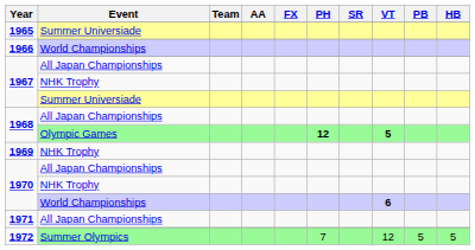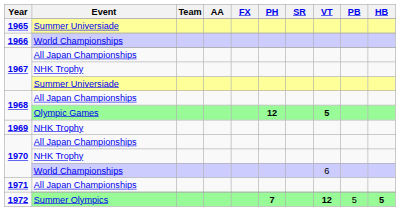 <table class="wikitable sortable" style="text-align:center; font-size:95%;">
 <tr>
 <th width=7% class=unsortable>Year</th>
 <th width=37% class=unsortable>Event</th>
 <th width=7% class=unsortable>Team</th>
 <th width=7% class=unsortable>AA</th>
 <th width=7% class=unsortable><a href='#'>FX</a></th>
 <th width=7% class=unsortable><a href='#'>PH</a></th>
 <th width=7% class=unsortable><a href='#'>SR</a></th>
 <th width=7% class=unsortable><a href='#'>VT</a></th>
 <th width=7% class=unsortable><a href='#'>PB</a></th>
 <th width=7% class=unsortable><a href='#'>HB</a></th>
 </tr>
 <tr>
 <td rowspan="2"><strong><a href='#'>1965</a></strong></td>
 </tr>
 <tr bgcolor="FFFF99">
 <td align=left><a href='#'>Summer Universiade</a></td>
 <td></td>
 <td></td>
 <td></td>
 <td></td>
 <td></td>
 <td></td>
 <td></td>
 <td></td>
 </tr>
 <tr>
 <td rowspan="2"><strong><a href='#'>1966</a></strong></td>
 </tr>
 <tr bgcolor=#CCCCFF>
 <td align=left><a href='#'>World Championships</a></td>
 <td></td>
 <td></td>
 <td></td>
 <td></td>
 <td></td>
 <td></td>
 <td></td>
 <td></td>
 </tr>
 <tr>
 <td rowspan="4"><strong><a href='#'>1967</a></strong></td>
 </tr>
 <tr>
 <td align=left><a href='#'>All Japan Championships</a></td>
 <td></td>
 <td></td>
 <td></td>
 <td></td>
 <td></td>
 <td></td>
 <td></td>
 <td></td>
 </tr>
 <tr>
 <td align=left><a href='#'>NHK Trophy</a></td>
 <td></td>
 <td></td>
 <td></td>
 <td></td>
 <td></td>
 <td></td>
 <td></td>
 <td></td>
 </tr>
 <tr bgcolor="FFFF99">
 <td align=left><a href='#'>Summer Universiade</a></td>
 <td></td>
 <td></td>
 <td></td>
 <td></td>
 <td></td>
 <td></td>
 <td></td>
 <td></td>
 </tr>
 <tr>
 <td rowspan="2"><strong><a href='#'>1968</a></strong></td>
 <td align=left><a href='#'>All Japan Championships</a></td>
 <td></td>
 <td></td>
 <td></td>
 <td></td>
 <td></td>
 <td></td>
 <td></td>
 <td></td>
 </tr>
 <tr bgcolor=98FB98>
 <td align=left><a href='#'>Olympic Games</a></td>
 <td></td>
 <td></td>
 <td></td>
 <td><strong>12</strong></td>
 <td></td>
 <td><strong>5</strong></td>
 <td></td>
 <td></td>
 </tr>
 <tr>
 <td><strong><a href='#'>1969</a></strong></td>
 <td align=left><a href='#'>NHK Trophy</a></td>
 <td></td>
 <td></td>
 <td></td>
 <td></td>
 <td></td>
 <td></td>
 <td></td>
 <td></td>
 </tr>
 <tr>
 <td rowspan="3"><strong><a href='#'>1970</a></strong></td>
 <td align=left><a href='#'>All Japan Championships</a></td>
 <td></td>
 <td></td>
 <td></td>
 <td></td>
 <td></td>
 <td></td>
 <td></td>
 <td></td>
 </tr>
 <tr>
 <td align=left><a href='#'>NHK Trophy</a></td>
 <td></td>
 <td></td>
 <td></td>
 <td></td>
 <td></td>
 <td></td>
 <td></td>
 <td></td>
 </tr>
 <tr bgcolor=#CCCCFF>
 <td align=left><a href='#'>World Championships</a></td>
 <td></td>
 <td></td>
 <td></td>
 <td></td>
 <td></td>
-<td><strong>6</strong></td>
+<td>6</td>
 <td></td>
 <td></td>
 </tr>
 <tr>
 <td><strong><a href='#'>1971</a></strong></td>
 <td align=left><a href='#'>All Japan Championships</a></td>
 <td></td>
 <td></td>
 <td></td>
 <td></td>
 <td></td>
 <td></td>
 <td></td>
 <td></td>
 </tr>
 <tr>
 <td rowspan="2"><strong><a href='#'>1972</a></strong></td>
 </tr>
 <tr bgcolor=98FB98>
 <td align=left><a href='#'>Summer Olympics</a></td>
 <td></td>
 <td></td>
 <td></td>
-<td>7</td>
+<td><strong>7</strong></td>
 <td></td>
-<td>12</td>
+<td><strong>12</strong></td>
 <td>5</td>
-<td>5</td>
+<td><strong>5</strong></td>
 </tr>
 </table>
